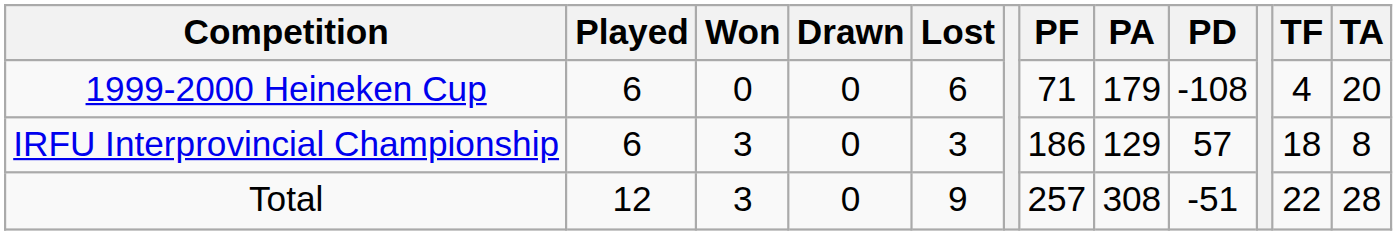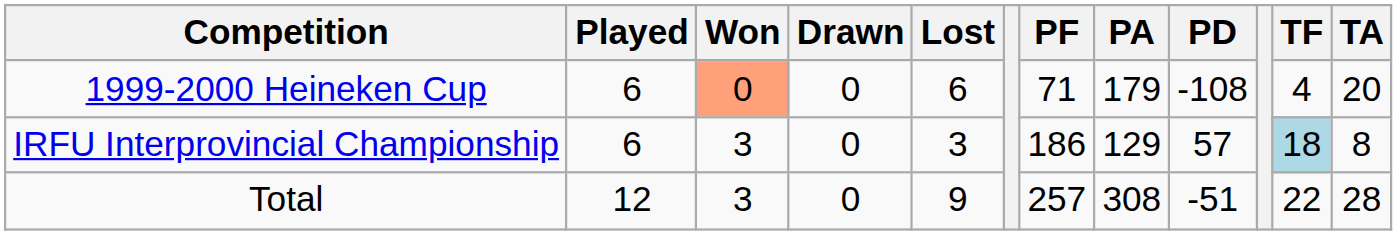 <table class="wikitable">
 <tr>
 <th>Competition</th>
 <th>Played</th>
 <th>Won</th>
 <th>Drawn</th>
 <th>Lost</th>
 <th rowspan="4"></th>
 <th>PF</th>
 <th>PA</th>
 <th>PD</th>
 <th rowspan="4"></th>
 <th>TF</th>
 <th>TA</th>
 </tr>
 <tr align=center>
 <td><a href='#'>1999-2000 Heineken Cup</a></td>
 <td>6</td>
-<td>0</td>
+<td style="background: lightsalmon;">0</td>
 <td>0</td>
 <td>6</td>
 <td>71</td>
 <td>179</td>
 <td>-108</td>
 <td>4</td>
 <td>20</td>
 </tr>
 <tr align=center>
 <td><a href='#'>IRFU Interprovincial Championship</a></td>
 <td>6</td>
 <td>3</td>
 <td>0</td>
 <td>3</td>
 <td>186</td>
 <td>129</td>
 <td>57</td>
-<td>18</td>
+<td style="background: lightblue;">18</td>
 <td>8</td>
 </tr>
 <tr align=center>
 <td>Total</td>
 <td>12</td>
 <td>3</td>
 <td>0</td>
 <td>9</td>
 <td>257</td>
 <td>308</td>
 <td>-51</td>
 <td>22</td>
 <td>28</td>
 </tr>
 </table>
